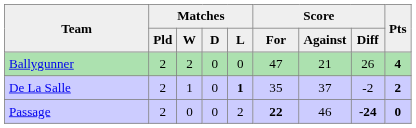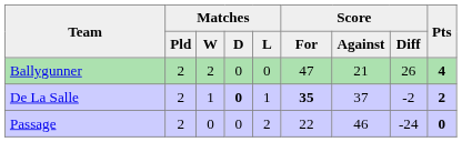 <table style=border-collapse:collapse border=1 cellspacing=0 cellpadding=5>
 <tr align=center bgcolor=#efefef>
 <th rowspan=2 width=165>Team</th>
 <th colspan=4>Matches</th>
 <th colspan=3>Score</th>
 <th rowspan=2width=20>Pts</th>
 </tr>
 <tr align=center bgcolor=#efefef>
 <th width=20>Pld</th>
 <th width=20>W</th>
 <th width=20>D</th>
 <th width=20>L</th>
 <th width=45>For</th>
 <th width=45>Against</th>
 <th width=30>Diff</th>
 </tr>
 <tr align=center  style="background:#ACE1AF;">
 <td style="text-align:left;"><a href='#'>Ballygunner</a></td>
 <td>2</td>
 <td>2</td>
 <td>0</td>
 <td>0</td>
 <td>47</td>
 <td>21</td>
 <td>26</td>
 <td><strong>4</strong></td>
 </tr>
 <tr align=center  style="background:#ccccff;">
 <td style="text-align:left;"><a href='#'>De La Salle</a></td>
 <td>2</td>
 <td>1</td>
-<td>0</td>
-<td><strong>1</strong></td>
-<td>35</td>
+<td><strong>0</strong></td>
+<td>1</td>
+<td><strong>35</strong></td>
 <td>37</td>
 <td>-2</td>
 <td><strong>2</strong></td>
 </tr>
 <tr align=center style="background:#ccccff;">
 <td style="text-align:left;"><a href='#'>Passage</a></td>
 <td>2</td>
 <td>0</td>
 <td>0</td>
 <td>2</td>
-<td><strong>22</strong></td>
+<td>22</td>
 <td>46</td>
-<td><strong>-24</strong></td>
+<td>-24</td>
 <td><strong>0</strong></td>
 </tr>
 </table>
